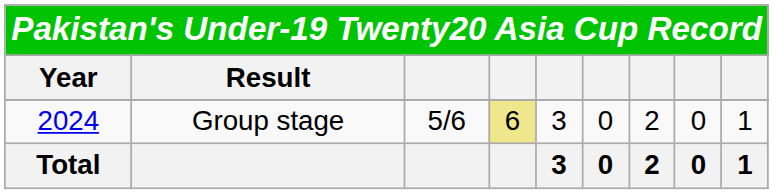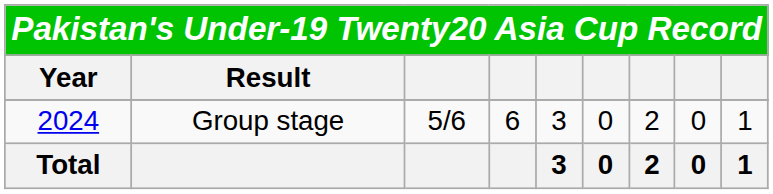 <table class="wikitable" style="text-align:center">
 <tr>
 <th style="color:white; background:#00C301;" colspan=9><strong><big><em>Pakistan's  Under-19 Twenty20 Asia Cup Record</em></big></strong></th>
 </tr>
 <tr>
 <th>Year</th>
 <th>Result</th>
 <th></th>
 <th></th>
 <th></th>
 <th></th>
 <th></th>
 <th></th>
 <th></th>
 </tr>
 <tr bgcolor=pink>
 </tr>
 <tr>
 <td> <a href='#'>2024</a></td>
 <td>Group stage</td>
 <td>5/6</td>
-<td style="background: khaki;">6</td>
+<td>6</td>
 <td>3</td>
 <td>0</td>
 <td>2</td>
 <td>0</td>
 <td>1</td>
 </tr>
 <tr>
 <th>Total</th>
 <th></th>
 <th></th>
 <th></th>
 <th>3</th>
 <th>0</th>
 <th>2</th>
 <th>0</th>
 <th>1</th>
 </tr>
 </table>
